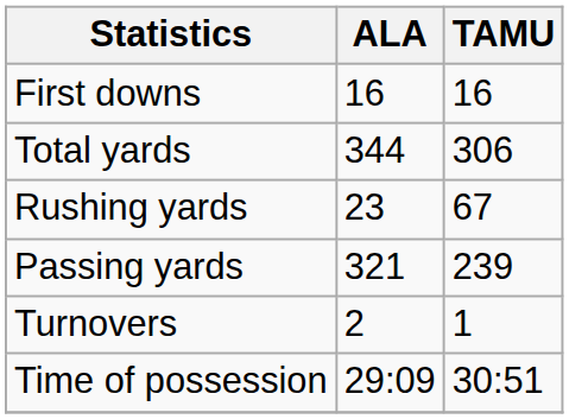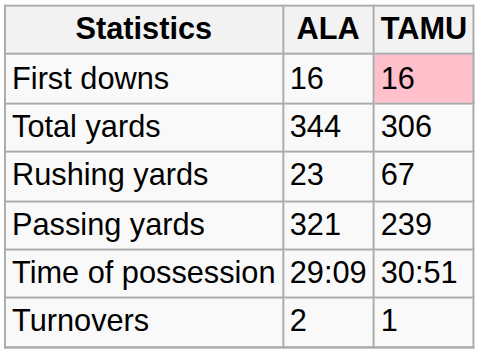 <table class="wikitable" style="float: left;">
 <tr>
 <th>Statistics</th>
 <th>ALA</th>
 <th>TAMU</th>
 </tr>
 <tr>
 <td>First downs</td>
 <td>16</td>
-<td>16</td>
+<td style="background: pink;">16</td>
 </tr>
 <tr>
 <td>Total yards</td>
 <td>344</td>
 <td>306</td>
 </tr>
 <tr>
 <td>Rushing yards</td>
 <td>23</td>
 <td>67</td>
 </tr>
 <tr>
 <td>Passing yards</td>
 <td>321</td>
 <td>239</td>
 </tr>
 <tr>
+<td>Time of possession</td>
+<td>29:09</td>
+<td>30:51</td>
+</tr>
+<tr>
 <td>Turnovers</td>
 <td>2</td>
 <td>1</td>
 </tr>
 <tr>
-<td>Time of possession</td>
-<td>29:09</td>
-<td>30:51</td>
-</tr>
-<tr>
 </tr>
 </table>
